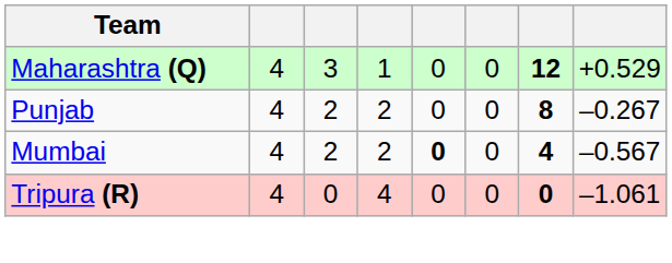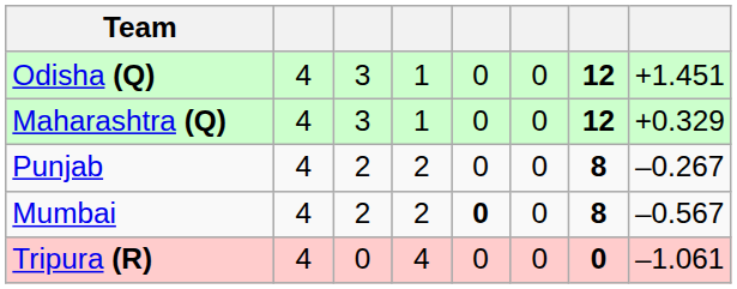 <table class="wikitable" style="text-align:center">
 <tr>
 <th style="width:140px;">Team</th>
 <th style="width:25px;"></th>
 <th style="width:25px;"></th>
 <th style="width:25px;"></th>
 <th style="width:25px;"></th>
 <th style="width:25px;"></th>
 <th style="width:25px;"></th>
 <th style="width:40px;"></th>
 </tr>
 <tr style="background:#cfc;">
+<td style="text-align:left"><a href='#'>Odisha</a> <strong>(Q)</strong></td>
+<td>4</td>
+<td>3</td>
+<td>1</td>
+<td>0</td>
+<td>0</td>
+<td><strong>12</strong></td>
+<td>+1.451</td>
+</tr>
+<tr style="background:#cfc;">
 <td style="text-align:left"><a href='#'>Maharashtra</a> <strong>(Q)</strong></td>
 <td>4</td>
 <td>3</td>
 <td>1</td>
 <td>0</td>
 <td>0</td>
 <td><strong>12</strong></td>
-<td>+0.529</td>
+<td>+0.329</td>
 </tr>
 <tr>
 <td style="text-align:left"><a href='#'>Punjab</a></td>
 <td>4</td>
 <td>2</td>
 <td>2</td>
 <td>0</td>
 <td>0</td>
 <td><strong>8</strong></td>
 <td>–0.267</td>
 </tr>
 <tr>
 <td style="text-align:left"><a href='#'>Mumbai</a></td>
 <td>4</td>
 <td>2</td>
 <td>2</td>
 <td><strong>0</strong></td>
 <td>0</td>
-<td><strong>4</strong></td>
+<td><strong>8</strong></td>
 <td>–0.567</td>
 </tr>
 <tr style="background:#FFCCCC">
 <td style="text-align:left"><a href='#'>Tripura</a> <strong>(R)</strong></td>
 <td>4</td>
 <td>0</td>
 <td>4</td>
 <td>0</td>
 <td>0</td>
 <td><strong>0</strong></td>
 <td>–1.061</td>
 </tr>
 </table>
